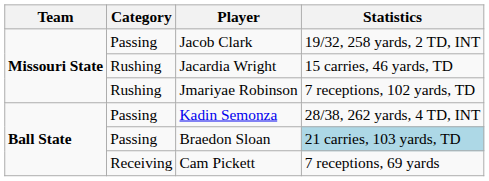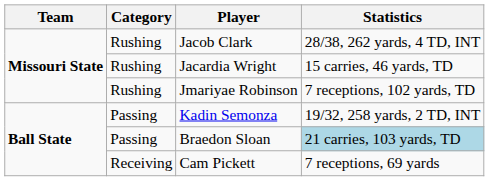 <table class="wikitable" style="float: right;">
 <tr>
 <th>Team</th>
 <th>Category</th>
 <th>Player</th>
 <th>Statistics</th>
 </tr>
 <tr>
 <td rowspan=3><strong>Missouri State</strong></td>
-<td>Passing</td>
+<td>Rushing</td>
 <td>Jacob Clark</td>
-<td>19/32, 258 yards, 2 TD, INT</td>
+<td>28/38, 262 yards, 4 TD, INT</td>
 </tr>
 <tr>
 <td>Rushing</td>
 <td>Jacardia Wright</td>
 <td>15 carries, 46 yards, TD</td>
 </tr>
 <tr>
 <td>Rushing</td>
 <td>Jmariyae Robinson</td>
 <td>7 receptions, 102 yards, TD</td>
 </tr>
 <tr>
 <td rowspan=3><strong>Ball State</strong></td>
 <td>Passing</td>
 <td><a href='#'>Kadin Semonza</a></td>
-<td>28/38, 262 yards, 4 TD, INT</td>
+<td>19/32, 258 yards, 2 TD, INT</td>
 </tr>
 <tr>
 <td>Passing</td>
 <td>Braedon Sloan</td>
 <td style="background: lightblue;">21 carries, 103 yards, TD</td>
 </tr>
 <tr>
 <td>Receiving</td>
 <td>Cam Pickett</td>
 <td>7 receptions, 69 yards</td>
 </tr>
 </table>
